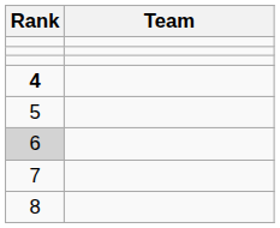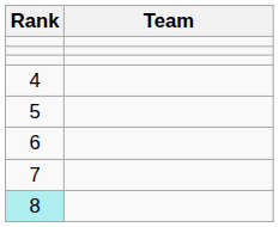 <table class=wikitable style="text-align:center;">
 <tr>
 <th width=40px>Rank</th>
 <th width=160px>Team</th>
 </tr>
 <tr>
 <td></td>
 <td align=left></td>
 </tr>
 <tr>
 <td></td>
 <td align=left></td>
 </tr>
 <tr>
 <td></td>
 <td align=left></td>
 </tr>
 <tr>
-<td><strong>4</strong></td>
+<td>4</td>
 <td align=left></td>
 </tr>
 <tr>
 <td>5</td>
 <td align=left></td>
 </tr>
 <tr>
-<td style="background: lightgrey;">6</td>
+<td>6</td>
 <td align=left></td>
 </tr>
 <tr>
 <td>7</td>
 <td align=left></td>
 </tr>
 <tr>
-<td>8</td>
+<td style="background: paleturquoise;">8</td>
 <td align=left></td>
 </tr>
 </table>
